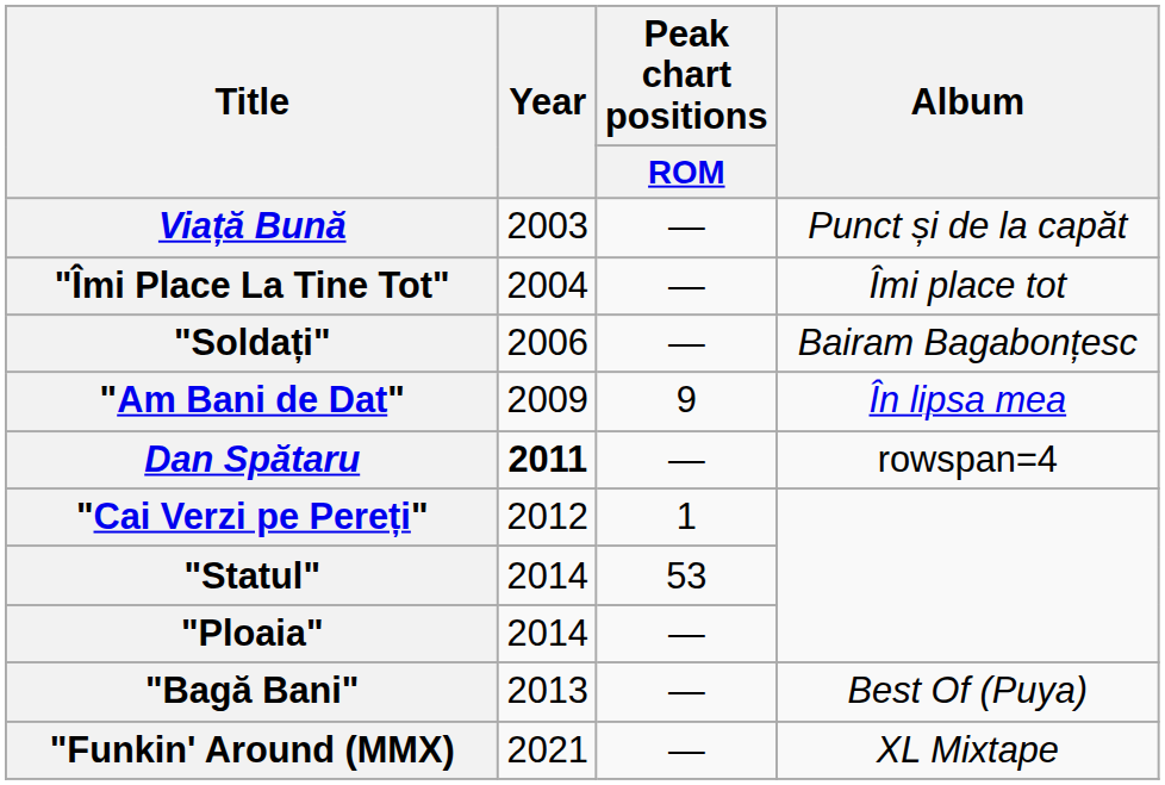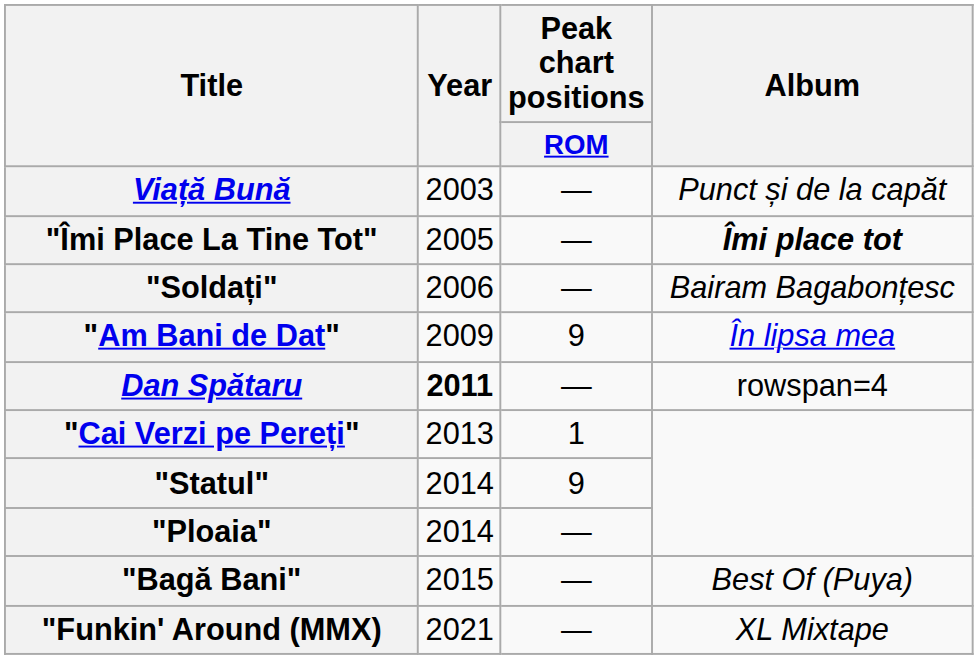 <table class="wikitable plainrowheaders" style="text-align:center;">
 <tr>
 <th scope="col" rowspan="2" style="width:13em;">Title</th>
 <th scope="col" rowspan="2">Year</th>
 <th scope="col">Peak chart positions</th>
 <th scope="col" rowspan="2" style="width:10em;">Album</th>
 </tr>
 <tr>
 <th scope="col" style="width:2.5em;font-size:90%;"><a href='#'>ROM</a></th>
 </tr>
 <tr>
 <th scope="row"><em><a href='#'>Viață Bună</a></em><br></th>
 <td>2003</td>
 <td>—</td>
 <td><em>Punct și de la capăt</em></td>
 </tr>
 <tr>
 <th scope="row">"Îmi Place La Tine Tot"<br></th>
-<td>2004</td>
+<td>2005</td>
 <td>—</td>
-<td><em>Îmi place tot</em></td>
+<td><strong><em>Îmi place tot</em></strong></td>
 </tr>
 <tr>
 <th scope="row">"Soldați"<br></th>
 <td>2006</td>
 <td>—</td>
 <td><em>Bairam Bagabonțesc</em></td>
 </tr>
 <tr>
 <th scope="row">"<a href='#'>Am Bani de Dat</a>"<br></th>
 <td>2009</td>
 <td>9</td>
 <td><em><a href='#'>În lipsa mea</a></em></td>
 </tr>
 <tr>
 <th scope="row"><a href='#'><em>Dan Spătaru</em></a><br></th>
 <td><strong>2011</strong></td>
 <td>—</td>
 <td>rowspan=4 </td>
 </tr>
 <tr>
 <th scope="row">"<a href='#'>Cai Verzi pe Pereți</a>"<br></th>
-<td>2012</td>
+<td>2013</td>
 <td>1</td>
 </tr>
 <tr>
 <th scope="row">"Statul"<br></th>
 <td>2014</td>
-<td>53</td>
+<td>9</td>
 </tr>
 <tr>
 <th scope="row">"Ploaia"<br></th>
 <td>2014</td>
 <td>—</td>
 </tr>
 <tr>
 <th scope="row">"Bagă Bani"<br></th>
-<td>2013</td>
+<td>2015</td>
 <td>—</td>
 <td><em>Best Of (Puya)</em></td>
 </tr>
 <tr>
 <th scope="row">"Funkin' Around (MMX)<br></th>
 <td>2021</td>
 <td>—</td>
 <td><em>XL Mixtape</em></td>
 </tr>
 </table>
